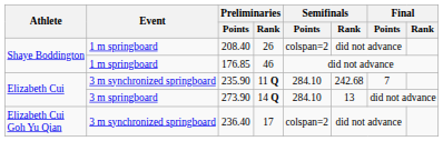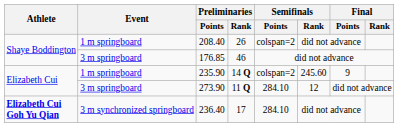 <table class="wikitable" style="text-align:center; font-size:90%">
 <tr>
 <th rowspan=2>Athlete</th>
 <th rowspan=2>Event</th>
 <th colspan=2>Preliminaries</th>
 <th colspan=2>Semifinals</th>
 <th colspan=2>Final</th>
 </tr>
 <tr style="font-size:95%">
 <th>Points</th>
 <th>Rank</th>
 <th>Points</th>
 <th>Rank</th>
 <th>Points</th>
 <th>Rank</th>
 </tr>
 <tr>
 <td align=left rowspan=2><a href='#'>Shaye Boddington</a></td>
 <td align=left><a href='#'>1 m springboard</a></td>
 <td>208.40</td>
 <td>26</td>
 <td>colspan=2 </td>
 <td colspan=2>did not advance</td>
 </tr>
 <tr>
-<td align=left><a href='#'>1 m springboard</a></td>
+<td align=left><a href='#'>3 m springboard</a></td>
 <td>176.85</td>
 <td>46</td>
 <td colspan=4>did not advance</td>
 </tr>
 <tr>
 <td align=left rowspan=2><a href='#'>Elizabeth Cui</a></td>
-<td align=left><a href='#'>3 m synchronized springboard</a></td>
+<td align=left><a href='#'>1 m springboard</a></td>
 <td>235.90</td>
-<td>11 <strong>Q</strong></td>
-<td>284.10</td>
-<td>242.68</td>
-<td>7</td>
+<td>14 <strong>Q</strong></td>
+<td>colspan=2 </td>
+<td>245.60</td>
+<td>9</td>
 </tr>
 <tr>
 <td align=left><a href='#'>3 m springboard</a></td>
 <td>273.90</td>
-<td>14 <strong>Q</strong></td>
+<td>11 <strong>Q</strong></td>
 <td>284.10</td>
-<td>13</td>
+<td>12</td>
 <td colspan=2>did not advance</td>
 </tr>
 <tr>
-<td align=left><a href='#'>Elizabeth Cui</a><br><a href='#'>Goh Yu Qian</a></td>
+<td align=left><strong><a href='#'>Elizabeth Cui</a><br><a href='#'>Goh Yu Qian</a></strong></td>
 <td align=left><a href='#'>3 m synchronized springboard</a></td>
 <td>236.40</td>
 <td>17</td>
-<td>colspan=2 </td>
+<td>284.10</td>
 <td colspan=2>did not advance</td>
 </tr>
 </table>
